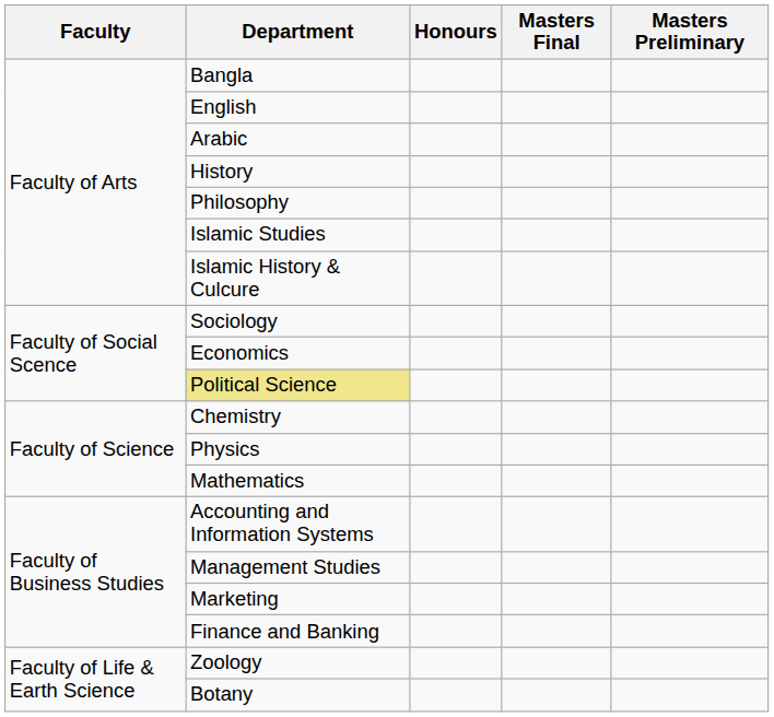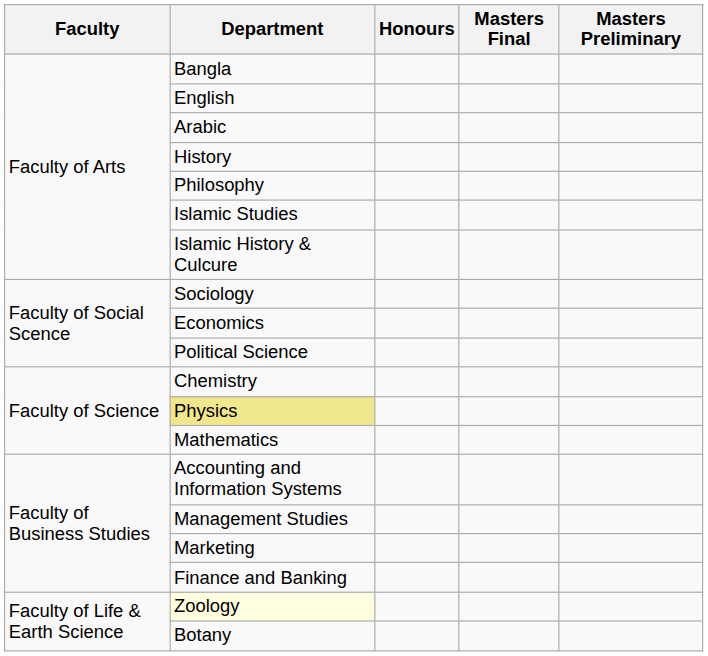 <table class="wikitable sortable">
 <tr>
 <th><strong>Faculty</strong></th>
 <th><strong>Department</strong></th>
 <th><strong>Honours</strong></th>
 <th><strong>Masters Final</strong></th>
 <th><strong>Masters Preliminary</strong></th>
 </tr>
 <tr>
 <td rowspan="7">Faculty of Arts</td>
 <td>Bangla</td>
 <td></td>
 <td></td>
 <td></td>
 </tr>
 <tr>
 <td>English</td>
 <td></td>
 <td></td>
 <td></td>
 </tr>
 <tr>
 <td>Arabic</td>
 <td></td>
 <td></td>
 <td></td>
 </tr>
 <tr>
 <td>History</td>
 <td></td>
 <td></td>
 <td></td>
 </tr>
 <tr>
 <td>Philosophy</td>
 <td></td>
 <td></td>
 <td></td>
 </tr>
 <tr>
 <td>Islamic Studies</td>
 <td></td>
 <td></td>
 <td></td>
 </tr>
 <tr>
 <td>Islamic History & Culcure</td>
 <td></td>
 <td></td>
 <td></td>
 </tr>
 <tr>
 <td rowspan="3">Faculty of Social Scence</td>
 <td>Sociology</td>
 <td></td>
 <td></td>
 <td></td>
 </tr>
 <tr>
 <td>Economics</td>
 <td></td>
 <td></td>
 <td></td>
 </tr>
 <tr>
-<td style="background: khaki;">Political Science</td>
+<td>Political Science</td>
 <td></td>
 <td></td>
 <td></td>
 </tr>
 <tr>
 <td rowspan="3">Faculty of Science</td>
 <td>Chemistry</td>
 <td></td>
 <td></td>
 <td></td>
 </tr>
 <tr>
-<td>Physics</td>
+<td style="background: khaki;">Physics</td>
 <td></td>
 <td></td>
 <td></td>
 </tr>
 <tr>
 <td>Mathematics</td>
 <td></td>
 <td></td>
 <td></td>
 </tr>
 <tr>
 <td rowspan="4">Faculty of Business Studies</td>
 <td>Accounting and Information Systems</td>
 <td></td>
 <td></td>
 <td></td>
 </tr>
 <tr>
 <td>Management Studies</td>
 <td></td>
 <td></td>
 <td></td>
 </tr>
 <tr>
 <td>Marketing</td>
 <td></td>
 <td></td>
 <td></td>
 </tr>
 <tr>
 <td>Finance and Banking</td>
 <td></td>
 <td></td>
 <td></td>
 </tr>
 <tr>
 <td rowspan="2">Faculty of Life & Earth Science</td>
-<td>Zoology</td>
+<td style="background: lightyellow;">Zoology</td>
 <td></td>
 <td></td>
 <td></td>
 </tr>
 <tr>
 <td>Botany</td>
 <td></td>
 <td></td>
 <td></td>
 </tr>
 </table>
